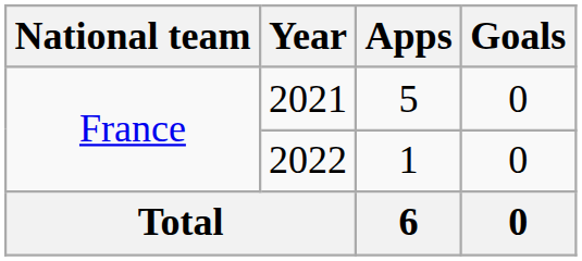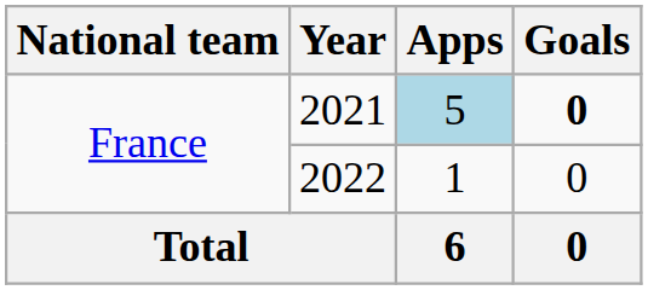 <table class="wikitable" style="text-align: center;">
 <tr>
 <th>National team</th>
 <th>Year</th>
 <th>Apps</th>
 <th>Goals</th>
 </tr>
 <tr>
 <td rowspan=2><a href='#'>France</a></td>
 <td>2021</td>
-<td>5</td>
-<td>0</td>
+<td style="background: lightblue;">5</td>
+<td><strong>0</strong></td>
 </tr>
 <tr>
 <td>2022</td>
 <td>1</td>
 <td>0</td>
 </tr>
 <tr>
 <th colspan=2>Total</th>
 <th>6</th>
 <th>0</th>
 </tr>
 </table>
